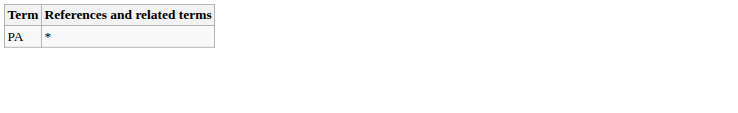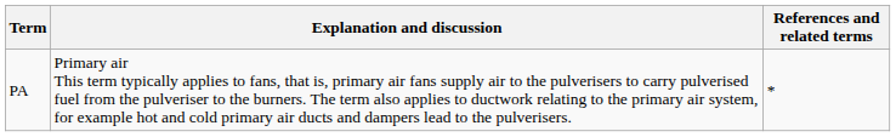 <table class="wikitable">
 <tr>
 <th>Term</th>
+<th>Explanation and discussion</th>
 <th>References and related terms</th>
 </tr>
 <tr>
 <td>PA</td>
+<td>Primary air<br>This term typically applies to fans, that is, primary air fans supply air to the pulverisers to carry pulverised fuel from the pulveriser to the burners. The term also applies to ductwork relating to the primary air system, for example hot and cold primary air ducts and dampers lead to the pulverisers.</td>
 <td>*</td>
 </tr>
 </table>
